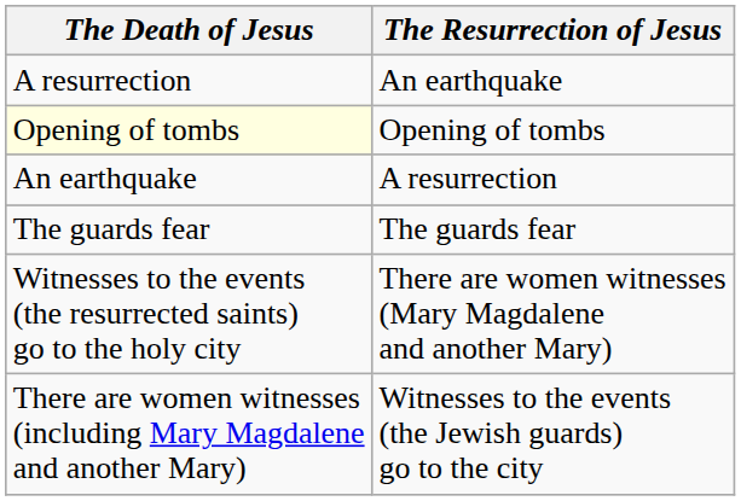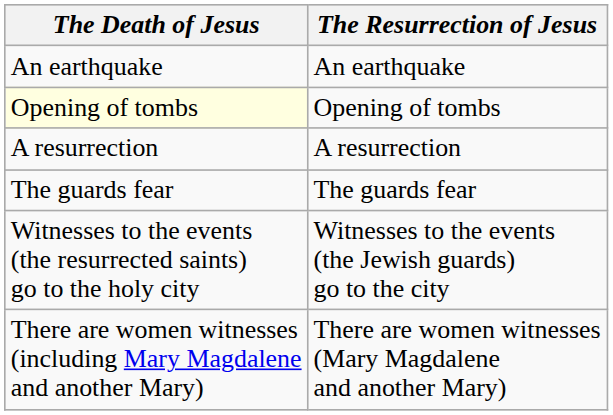 <table class=wikitable>
 <tr>
 <th><em>The Death of Jesus</em> </th>
 <th><em>The Resurrection of Jesus</em> </th>
 </tr>
 <tr>
-<td>A resurrection</td>
+<td>An earthquake</td>
 <td>An earthquake</td>
 </tr>
 <tr>
 <td style="background: lightyellow;">Opening of tombs</td>
 <td>Opening of tombs</td>
 </tr>
 <tr>
-<td>An earthquake</td>
+<td>A resurrection</td>
 <td>A resurrection</td>
 </tr>
 <tr>
 <td>The guards fear</td>
 <td>The guards fear</td>
 </tr>
 <tr>
 <td>Witnesses to the events<br>(the resurrected saints)<br>go to the holy city</td>
-<td>There are women witnesses<br>(Mary Magdalene<br>and another Mary)</td>
+<td>Witnesses to the events<br>(the Jewish guards)<br>go to the city</td>
 </tr>
 <tr>
 <td>There are women witnesses<br>(including <a href='#'>Mary Magdalene</a><br>and another Mary)</td>
-<td>Witnesses to the events<br>(the Jewish guards)<br>go to the city</td>
+<td>There are women witnesses<br>(Mary Magdalene<br>and another Mary)</td>
 </tr>
 </table>
